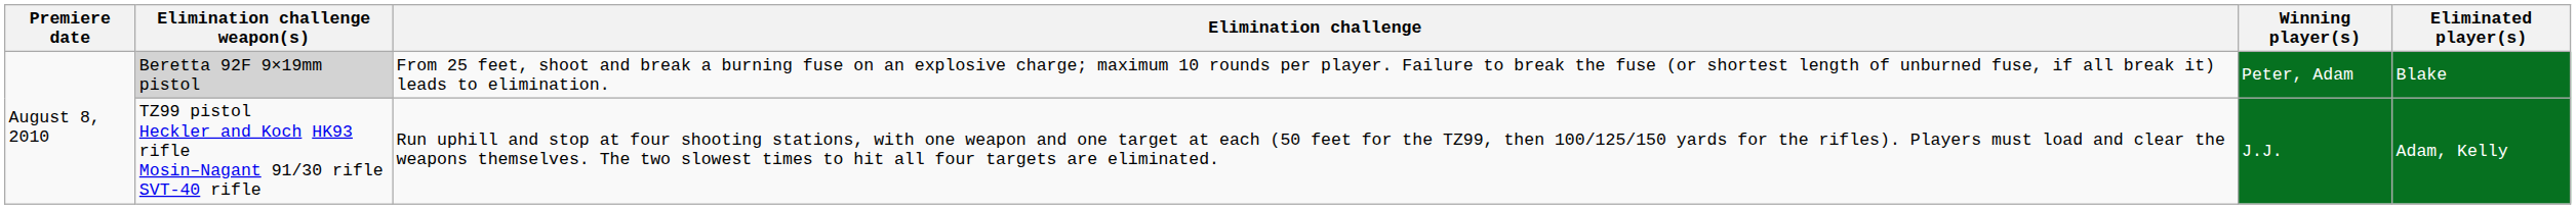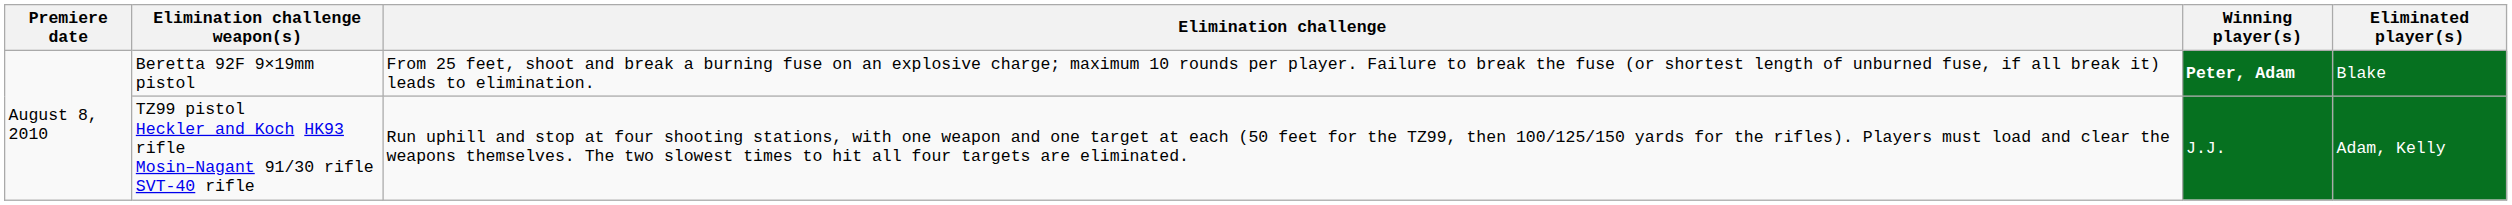 <table class="wikitable">
 <tr>
 <th>Premiere date</th>
 <th>Elimination challenge weapon(s)</th>
 <th>Elimination challenge</th>
 <th>Winning player(s)</th>
 <th>Eliminated player(s)</th>
 </tr>
 <tr>
 <td rowspan="2">August 8, 2010</td>
-<td style="background: lightgrey;">Beretta 92F 9×19mm pistol</td>
+<td>Beretta 92F 9×19mm pistol</td>
 <td>From 25 feet, shoot and break a burning fuse on an explosive charge; maximum 10 rounds per player. Failure to break the fuse (or shortest length of unburned fuse, if all break it) leads to elimination.</td>
-<td style="background:#067120; color:white;">Peter, Adam</td>
+<td style="background:#067120; color:white;"><strong>Peter, Adam</strong></td>
 <td style="background:#067120; color:white;">Blake</td>
 </tr>
 <tr>
 <td>TZ99 pistol<br><a href='#'>Heckler and Koch</a> <a href='#'>HK93</a> rifle<br><a href='#'>Mosin–Nagant</a> 91/30 rifle<br><a href='#'>SVT-40</a> rifle</td>
 <td>Run uphill and stop at four shooting stations, with one weapon and one target at each (50 feet for the TZ99, then 100/125/150 yards for the rifles). Players must load and clear the weapons themselves. The two slowest times to hit all four targets are eliminated.</td>
 <td style="background:#067120; color:white;">J.J.</td>
 <td style="background:#067120; color:white;">Adam, Kelly</td>
 </tr>
 </table>
